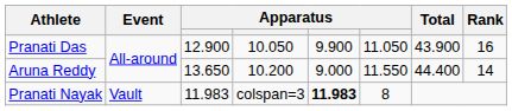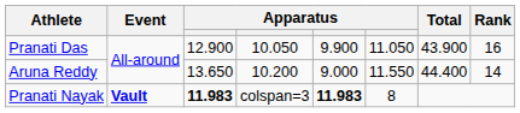 <table class=wikitable style=font-size:90%;text-align:center;>
 <tr>
 <th rowspan=2>Athlete</th>
 <th rowspan=2>Event</th>
 <th colspan=4>Apparatus</th>
 <th rowspan=2>Total</th>
 <th rowspan=2>Rank</th>
 </tr>
 <tr style="font-size:95%">
 <th></th>
 <th></th>
 <th></th>
 <th></th>
 </tr>
 <tr>
 <td align=left><a href='#'>Pranati Das</a></td>
 <td align=left rowspan="2"><a href='#'>All-around</a></td>
 <td>12.900</td>
 <td>10.050</td>
 <td>9.900</td>
 <td>11.050</td>
 <td>43.900</td>
 <td>16</td>
 </tr>
 <tr>
 <td align=left><a href='#'>Aruna Reddy</a></td>
 <td>13.650</td>
 <td>10.200</td>
 <td>9.000</td>
 <td>11.550</td>
 <td>44.400</td>
 <td>14</td>
 </tr>
 <tr>
 <td align=left><a href='#'>Pranati Nayak</a></td>
-<td align=left><a href='#'>Vault</a></td>
-<td>11.983</td>
+<td align=left><strong><a href='#'>Vault</a></strong></td>
+<td><strong>11.983</strong></td>
 <td>colspan=3 </td>
 <td><strong>11.983</strong></td>
 <td>8</td>
 </tr>
 </table>
